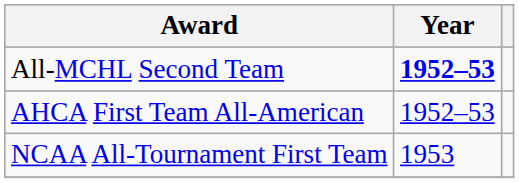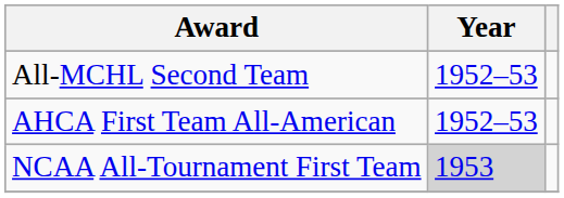 <table class="wikitable">
 <tr>
 <th>Award</th>
 <th>Year</th>
 <th></th>
 </tr>
 <tr>
 <td>All-<a href='#'>MCHL</a> <a href='#'>Second Team</a></td>
-<td><strong><a href='#'>1952–53</a></strong></td>
+<td><a href='#'>1952–53</a></td>
 <td></td>
 </tr>
 <tr>
 <td><a href='#'>AHCA</a> <a href='#'>First Team All-American</a></td>
 <td><a href='#'>1952–53</a></td>
 <td></td>
 </tr>
 <tr>
 <td><a href='#'>NCAA</a> <a href='#'>All-Tournament First Team</a></td>
-<td><a href='#'>1953</a></td>
+<td style="background: lightgrey;"><a href='#'>1953</a></td>
 <td></td>
 </tr>
 <tr>
 </tr>
 </table>
